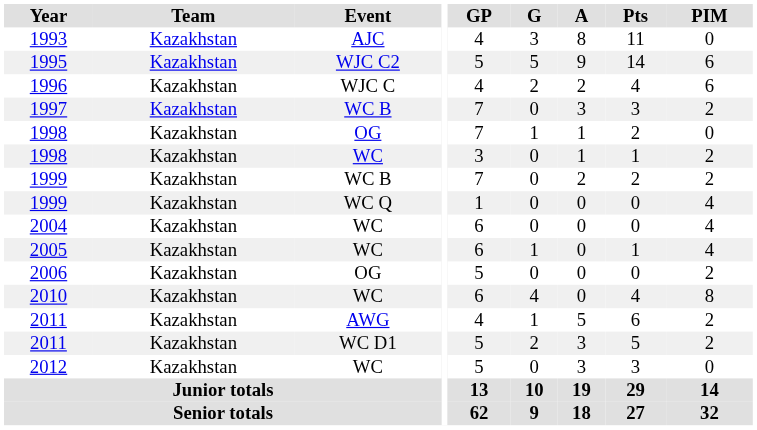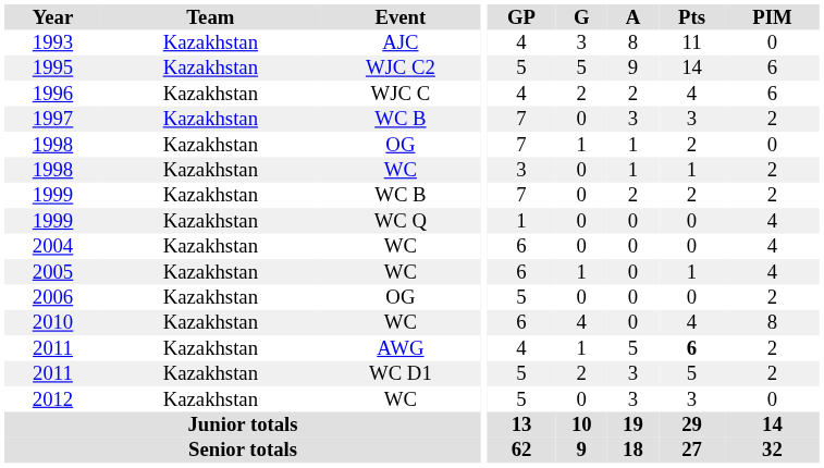 <table border="0" cellpadding="1" cellspacing="0" ID="Table3" style="text-align:center; width:40em">
 <tr ALIGN="center" bgcolor="#e0e0e0">
 <th>Year</th>
 <th>Team</th>
 <th>Event</th>
 <th rowspan="99" bgcolor="#ffffff"></th>
 <th>GP</th>
 <th>G</th>
 <th>A</th>
 <th>Pts</th>
 <th>PIM</th>
 </tr>
 <tr>
 <td><a href='#'>1993</a></td>
 <td><a href='#'>Kazakhstan</a></td>
 <td><a href='#'>AJC</a></td>
 <td>4</td>
 <td>3</td>
 <td>8</td>
 <td>11</td>
 <td>0</td>
 </tr>
 <tr bgcolor="#f0f0f0">
 <td><a href='#'>1995</a></td>
 <td><a href='#'>Kazakhstan</a></td>
 <td><a href='#'>WJC C2</a></td>
 <td>5</td>
 <td>5</td>
 <td>9</td>
 <td>14</td>
 <td>6</td>
 </tr>
 <tr>
 <td><a href='#'>1996</a></td>
 <td>Kazakhstan</td>
 <td>WJC C</td>
 <td>4</td>
 <td>2</td>
 <td>2</td>
 <td>4</td>
 <td>6</td>
 </tr>
 <tr bgcolor="#f0f0f0">
 <td><a href='#'>1997</a></td>
 <td><a href='#'>Kazakhstan</a></td>
 <td><a href='#'>WC B</a></td>
 <td>7</td>
 <td>0</td>
 <td>3</td>
 <td>3</td>
 <td>2</td>
 </tr>
 <tr>
 <td><a href='#'>1998</a></td>
 <td>Kazakhstan</td>
 <td><a href='#'>OG</a></td>
 <td>7</td>
 <td>1</td>
 <td>1</td>
 <td>2</td>
 <td>0</td>
 </tr>
 <tr bgcolor="#f0f0f0">
 <td><a href='#'>1998</a></td>
 <td>Kazakhstan</td>
 <td><a href='#'>WC</a></td>
 <td>3</td>
 <td>0</td>
 <td>1</td>
 <td>1</td>
 <td>2</td>
 </tr>
 <tr>
 <td><a href='#'>1999</a></td>
 <td>Kazakhstan</td>
 <td>WC B</td>
 <td>7</td>
 <td>0</td>
 <td>2</td>
 <td>2</td>
 <td>2</td>
 </tr>
 <tr bgcolor="#f0f0f0">
 <td><a href='#'>1999</a></td>
 <td>Kazakhstan</td>
 <td>WC Q</td>
 <td>1</td>
 <td>0</td>
 <td>0</td>
 <td>0</td>
 <td>4</td>
 </tr>
 <tr>
 <td><a href='#'>2004</a></td>
 <td>Kazakhstan</td>
 <td>WC</td>
 <td>6</td>
 <td>0</td>
 <td>0</td>
 <td>0</td>
 <td>4</td>
 </tr>
 <tr bgcolor="#f0f0f0">
 <td><a href='#'>2005</a></td>
 <td>Kazakhstan</td>
 <td>WC</td>
 <td>6</td>
 <td>1</td>
 <td>0</td>
 <td>1</td>
 <td>4</td>
 </tr>
 <tr>
 <td><a href='#'>2006</a></td>
 <td>Kazakhstan</td>
 <td>OG</td>
 <td>5</td>
 <td>0</td>
 <td>0</td>
 <td>0</td>
 <td>2</td>
 </tr>
 <tr bgcolor="#f0f0f0">
 <td><a href='#'>2010</a></td>
 <td>Kazakhstan</td>
 <td>WC</td>
 <td>6</td>
 <td>4</td>
 <td>0</td>
 <td>4</td>
 <td>8</td>
 </tr>
 <tr>
 <td><a href='#'>2011</a></td>
 <td>Kazakhstan</td>
 <td><a href='#'>AWG</a></td>
 <td>4</td>
 <td>1</td>
 <td>5</td>
-<td>6</td>
+<td><strong>6</strong></td>
 <td>2</td>
 </tr>
 <tr bgcolor="#f0f0f0">
 <td><a href='#'>2011</a></td>
 <td>Kazakhstan</td>
 <td>WC D1</td>
 <td>5</td>
 <td>2</td>
 <td>3</td>
 <td>5</td>
 <td>2</td>
 </tr>
 <tr>
 <td><a href='#'>2012</a></td>
 <td>Kazakhstan</td>
 <td>WC</td>
 <td>5</td>
 <td>0</td>
 <td>3</td>
 <td>3</td>
 <td>0</td>
 </tr>
 <tr style="background: #e0e0e0;">
 <th colspan="3">Junior totals</th>
 <th>13</th>
 <th>10</th>
 <th>19</th>
 <th>29</th>
 <th>14</th>
 </tr>
 <tr style="background: #e0e0e0;">
 <th colspan="3">Senior totals</th>
 <th>62</th>
 <th>9</th>
 <th>18</th>
 <th>27</th>
 <th>32</th>
 </tr>
 </table>
